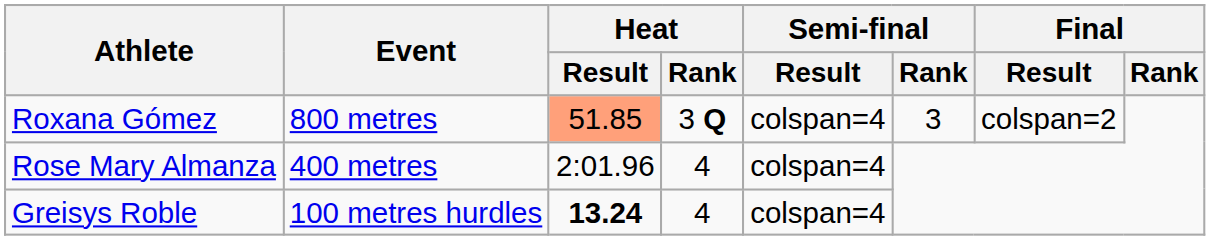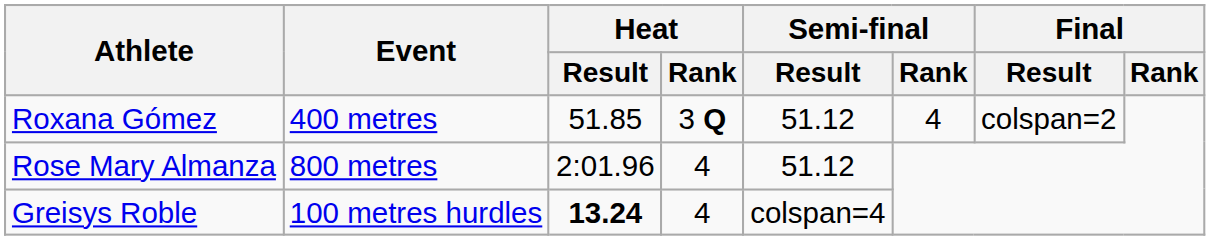 <table class="wikitable" style="font-size:90%">
 <tr>
 <th rowspan="2">Athlete</th>
 <th rowspan="2">Event</th>
 <th colspan="2">Heat</th>
 <th colspan="2">Semi-final</th>
 <th colspan="2">Final</th>
 </tr>
 <tr style="font-size:95%">
 <th>Result</th>
 <th>Rank</th>
 <th>Result</th>
 <th>Rank</th>
 <th>Result</th>
 <th>Rank</th>
 </tr>
 <tr align=center>
 <td align=left><a href='#'>Roxana Gómez</a></td>
-<td align=left><a href='#'>800 metres</a></td>
-<td style="background: lightsalmon;">51.85</td>
+<td align=left><a href='#'>400 metres</a></td>
+<td>51.85</td>
 <td>3 <strong>Q</strong></td>
-<td>colspan=4 </td>
-<td>3</td>
+<td>51.12</td>
+<td>4</td>
 <td>colspan=2 </td>
 </tr>
 <tr align=center>
 <td align=left><a href='#'>Rose Mary Almanza</a></td>
-<td align=left><a href='#'>400 metres</a></td>
+<td align=left><a href='#'>800 metres</a></td>
 <td>2:01.96</td>
 <td>4</td>
-<td>colspan=4 </td>
+<td>51.12</td>
 </tr>
 <tr align=center>
 <td align=left><a href='#'>Greisys Roble</a></td>
 <td align=left><a href='#'>100 metres hurdles</a></td>
 <td><strong>13.24</strong></td>
 <td>4</td>
 <td>colspan=4 </td>
 </tr>
 </table>
